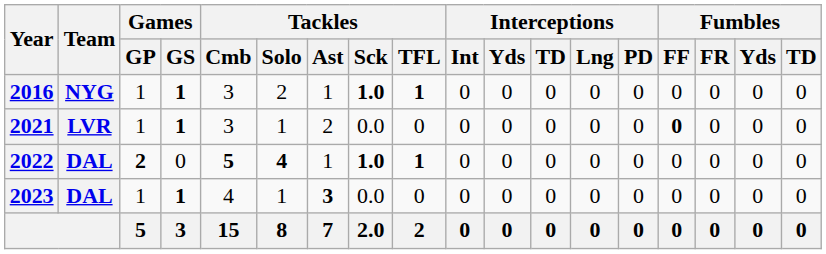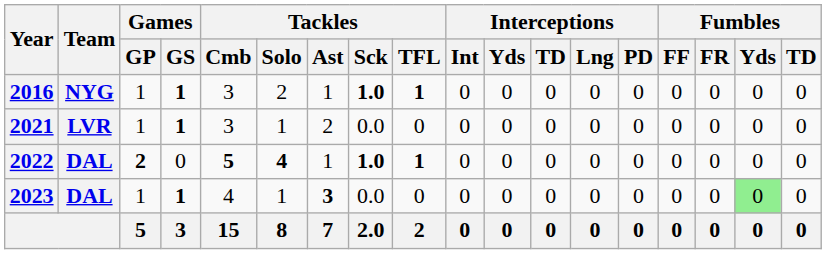 <table class="wikitable" style="text-align:center">
 <tr>
 <th rowspan="2">Year</th>
 <th rowspan="2">Team</th>
 <th colspan="2">Games</th>
 <th colspan="5">Tackles</th>
 <th colspan="5">Interceptions</th>
 <th colspan="4">Fumbles</th>
 </tr>
 <tr>
 <th>GP</th>
 <th>GS</th>
 <th>Cmb</th>
 <th>Solo</th>
 <th>Ast</th>
 <th>Sck</th>
 <th>TFL</th>
 <th>Int</th>
 <th>Yds</th>
 <th>TD</th>
 <th>Lng</th>
 <th>PD</th>
 <th>FF</th>
 <th>FR</th>
 <th>Yds</th>
 <th>TD</th>
 </tr>
 <tr>
 <th><a href='#'>2016</a></th>
 <th><a href='#'>NYG</a></th>
 <td>1</td>
 <td><strong>1</strong></td>
 <td>3</td>
 <td>2</td>
 <td>1</td>
 <td><strong>1.0</strong></td>
 <td><strong>1</strong></td>
 <td>0</td>
 <td>0</td>
 <td>0</td>
 <td>0</td>
 <td>0</td>
 <td>0</td>
 <td>0</td>
 <td>0</td>
 <td>0</td>
 </tr>
 <tr>
 <th><a href='#'>2021</a></th>
 <th><a href='#'>LVR</a></th>
 <td>1</td>
 <td><strong>1</strong></td>
 <td>3</td>
 <td>1</td>
 <td>2</td>
 <td>0.0</td>
 <td>0</td>
 <td>0</td>
 <td>0</td>
 <td>0</td>
 <td>0</td>
 <td>0</td>
-<td><strong>0</strong></td>
+<td>0</td>
 <td>0</td>
 <td>0</td>
 <td>0</td>
 </tr>
 <tr>
 <th><a href='#'>2022</a></th>
 <th><a href='#'>DAL</a></th>
 <td><strong>2</strong></td>
 <td>0</td>
 <td><strong>5</strong></td>
 <td><strong>4</strong></td>
 <td>1</td>
 <td><strong>1.0</strong></td>
 <td><strong>1</strong></td>
 <td>0</td>
 <td>0</td>
 <td>0</td>
 <td>0</td>
 <td>0</td>
 <td>0</td>
 <td>0</td>
 <td>0</td>
 <td>0</td>
 </tr>
 <tr>
 <th><a href='#'>2023</a></th>
 <th><a href='#'>DAL</a></th>
 <td>1</td>
 <td><strong>1</strong></td>
 <td>4</td>
 <td>1</td>
 <td><strong>3</strong></td>
 <td>0.0</td>
 <td>0</td>
 <td>0</td>
 <td>0</td>
 <td>0</td>
 <td>0</td>
 <td>0</td>
 <td>0</td>
 <td>0</td>
-<td>0</td>
+<td style="background: lightgreen;">0</td>
 <td>0</td>
 </tr>
 <tr>
 <th colspan="2"></th>
 <th>5</th>
 <th>3</th>
 <th>15</th>
 <th>8</th>
 <th>7</th>
 <th>2.0</th>
 <th>2</th>
 <th>0</th>
 <th>0</th>
 <th>0</th>
 <th>0</th>
 <th>0</th>
 <th>0</th>
 <th>0</th>
 <th>0</th>
 <th>0</th>
 </tr>
 </table>
